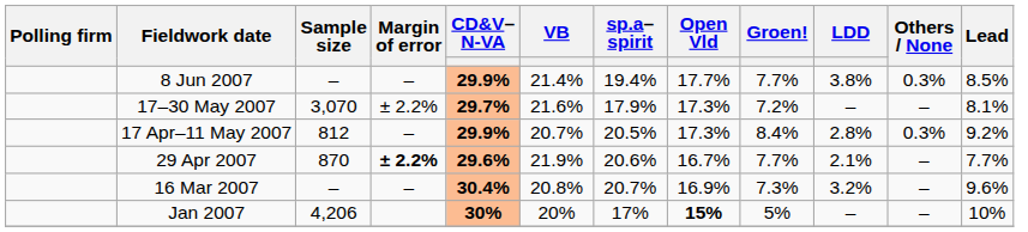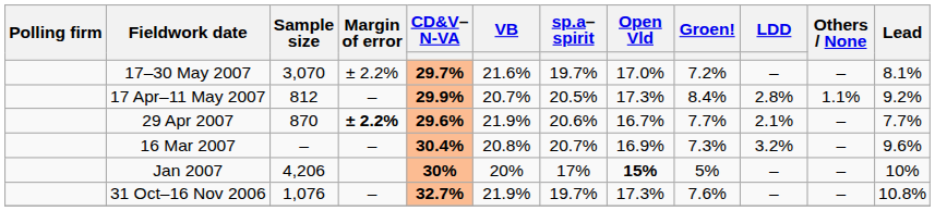 <table class="wikitable sortable" style="text-align:center;font-size:90%;line-height:14px;">
 <tr style="height:40px;">
 <th rowspan="2">Polling firm</th>
 <th rowspan="2">Fieldwork date</th>
 <th rowspan="2">Sample<br>size</th>
 <th rowspan="2">Margin<br>of error</th>
 <th class="unsortable" style="width:50px;"><a href='#'>CD&V</a>–<a href='#'>N-VA</a></th>
 <th class="unsortable" style="width:50px;"><a href='#'>VB</a></th>
 <th class="unsortable" style="width:50px;"><a href='#'>sp.a</a>–<a href='#'>spirit</a></th>
 <th class="unsortable" style="width:50px;"><a href='#'>Open Vld</a></th>
 <th class="unsortable" style="width:50px;"><a href='#'>Groen!</a></th>
 <th class="unsortable" style="width:50px;"><a href='#'>LDD</a></th>
 <th rowspan="2" class="unsortable" style="width:50px;">Others / <a href='#'>None</a></th>
 <th rowspan="2">Lead</th>
 </tr>
 <tr>
 <th class="unsortable" style="color:inherit;background:"></th>
 <th class="unsortable" style="color:inherit;background:"></th>
 <th class="unsortable" style="color:inherit;background:"></th>
 <th class="unsortable" style="color:inherit;background:"></th>
 <th class="unsortable" style="color:inherit;background:"></th>
 <th class="unsortable" style="color:inherit;background:"></th>
 </tr>
 <tr>
 <td></td>
-<td data-sort-value="2007-06-08">8 Jun 2007</td>
-<td>–</td>
-<td>–</td>
-<td style="background:#FCBC92"><strong>29.9%</strong></td>
-<td>21.4%</td>
-<td>19.4%</td>
-<td>17.7%</td>
-<td>7.7%</td>
-<td>3.8%</td>
-<td>0.3%</td>
-<td style="background:">8.5%</td>
-</tr>
-<tr>
-<td></td>
 <td data-sort-value="2007-05-30">17–30 May 2007</td>
 <td>3,070</td>
 <td>± 2.2%</td>
 <td style="background:#FCBC92"><strong>29.7%</strong></td>
 <td>21.6%</td>
-<td>17.9%</td>
-<td>17.3%</td>
+<td>19.7%</td>
+<td>17.0%</td>
 <td>7.2%</td>
 <td>–</td>
 <td>–</td>
 <td style="background:">8.1%</td>
 </tr>
 <tr>
 <td></td>
 <td data-sort-value="2007-05-11">17 Apr–11 May 2007</td>
 <td>812</td>
 <td>–</td>
 <td style="background:#FCBC92"><strong>29.9%</strong></td>
 <td>20.7%</td>
 <td>20.5%</td>
 <td>17.3%</td>
 <td>8.4%</td>
 <td>2.8%</td>
-<td>0.3%</td>
+<td>1.1%</td>
 <td style="background:">9.2%</td>
 </tr>
 <tr>
 <td></td>
 <td data-sort-value="2007-04-29">29 Apr 2007</td>
 <td>870</td>
 <td><strong>± 2.2%</strong></td>
 <td style="background:#FCBC92"><strong>29.6%</strong></td>
 <td>21.9%</td>
 <td>20.6%</td>
 <td>16.7%</td>
 <td>7.7%</td>
 <td>2.1%</td>
 <td>–</td>
 <td style="background:">7.7%</td>
 </tr>
 <tr>
 <td></td>
 <td data-sort-value="2007-03-16">16 Mar 2007</td>
 <td>–</td>
 <td>–</td>
 <td style="background:#FCBC92"><strong>30.4%</strong></td>
 <td>20.8%</td>
 <td>20.7%</td>
 <td>16.9%</td>
 <td>7.3%</td>
 <td>3.2%</td>
 <td>–</td>
 <td style="background:">9.6%</td>
 </tr>
 <tr>
 <td></td>
 <td data-sort-value="2007-01-01">Jan 2007</td>
 <td>4,206</td>
 <td></td>
 <td style="background:#FCBC92"><strong>30%</strong></td>
 <td>20%</td>
 <td>17%</td>
 <td><strong>15%</strong></td>
 <td>5%</td>
 <td>–</td>
 <td>–</td>
 <td style="background:">10%</td>
 </tr>
 <tr>
+<td></td>
+<td data-sort-value="2006-11-16">31 Oct–16 Nov 2006</td>
+<td>1,076</td>
+<td>–</td>
+<td style="background:#FCBC92"><strong>32.7%</strong></td>
+<td>21.9%</td>
+<td>19.7%</td>
+<td>17.3%</td>
+<td>7.6%</td>
+<td>–</td>
+<td>–</td>
+<td style="background:">10.8%</td>
+</tr>
+<tr>
 </tr>
 </table>
